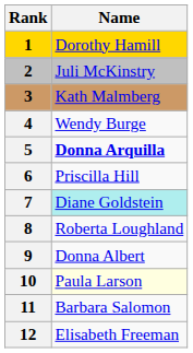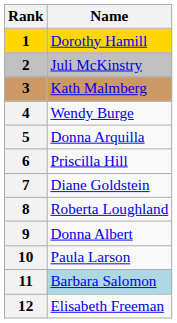 <table class="wikitable">
 <tr>
 <th>Rank</th>
 <th>Name</th>
 </tr>
 <tr bgcolor="gold">
 <td align="center"><strong>1</strong></td>
 <td><a href='#'>Dorothy Hamill</a></td>
 </tr>
 <tr bgcolor="silver">
 <td align="center"><strong>2</strong></td>
 <td><a href='#'>Juli McKinstry</a></td>
 </tr>
 <tr bgcolor="cc9966">
 <td align="center"><strong>3</strong></td>
 <td><a href='#'>Kath Malmberg</a></td>
 </tr>
 <tr>
 <th>4</th>
 <td><a href='#'>Wendy Burge</a></td>
 </tr>
 <tr>
 <th>5</th>
-<td><strong><a href='#'>Donna Arquilla</a></strong></td>
+<td><a href='#'>Donna Arquilla</a></td>
 </tr>
 <tr>
 <th>6</th>
 <td><a href='#'>Priscilla Hill</a></td>
 </tr>
 <tr>
 <th>7</th>
-<td style="background: paleturquoise;"><a href='#'>Diane Goldstein</a></td>
+<td><a href='#'>Diane Goldstein</a></td>
 </tr>
 <tr>
 <th>8</th>
 <td><a href='#'>Roberta Loughland</a></td>
 </tr>
 <tr>
 <th>9</th>
 <td><a href='#'>Donna Albert</a></td>
 </tr>
 <tr>
 <th>10</th>
-<td style="background: lightyellow;"><a href='#'>Paula Larson</a></td>
+<td><a href='#'>Paula Larson</a></td>
 </tr>
 <tr>
 <th>11</th>
-<td><a href='#'>Barbara Salomon</a></td>
+<td style="background: lightblue;"><a href='#'>Barbara Salomon</a></td>
 </tr>
 <tr>
 <th>12</th>
 <td><a href='#'>Elisabeth Freeman</a></td>
 </tr>
 </table>
